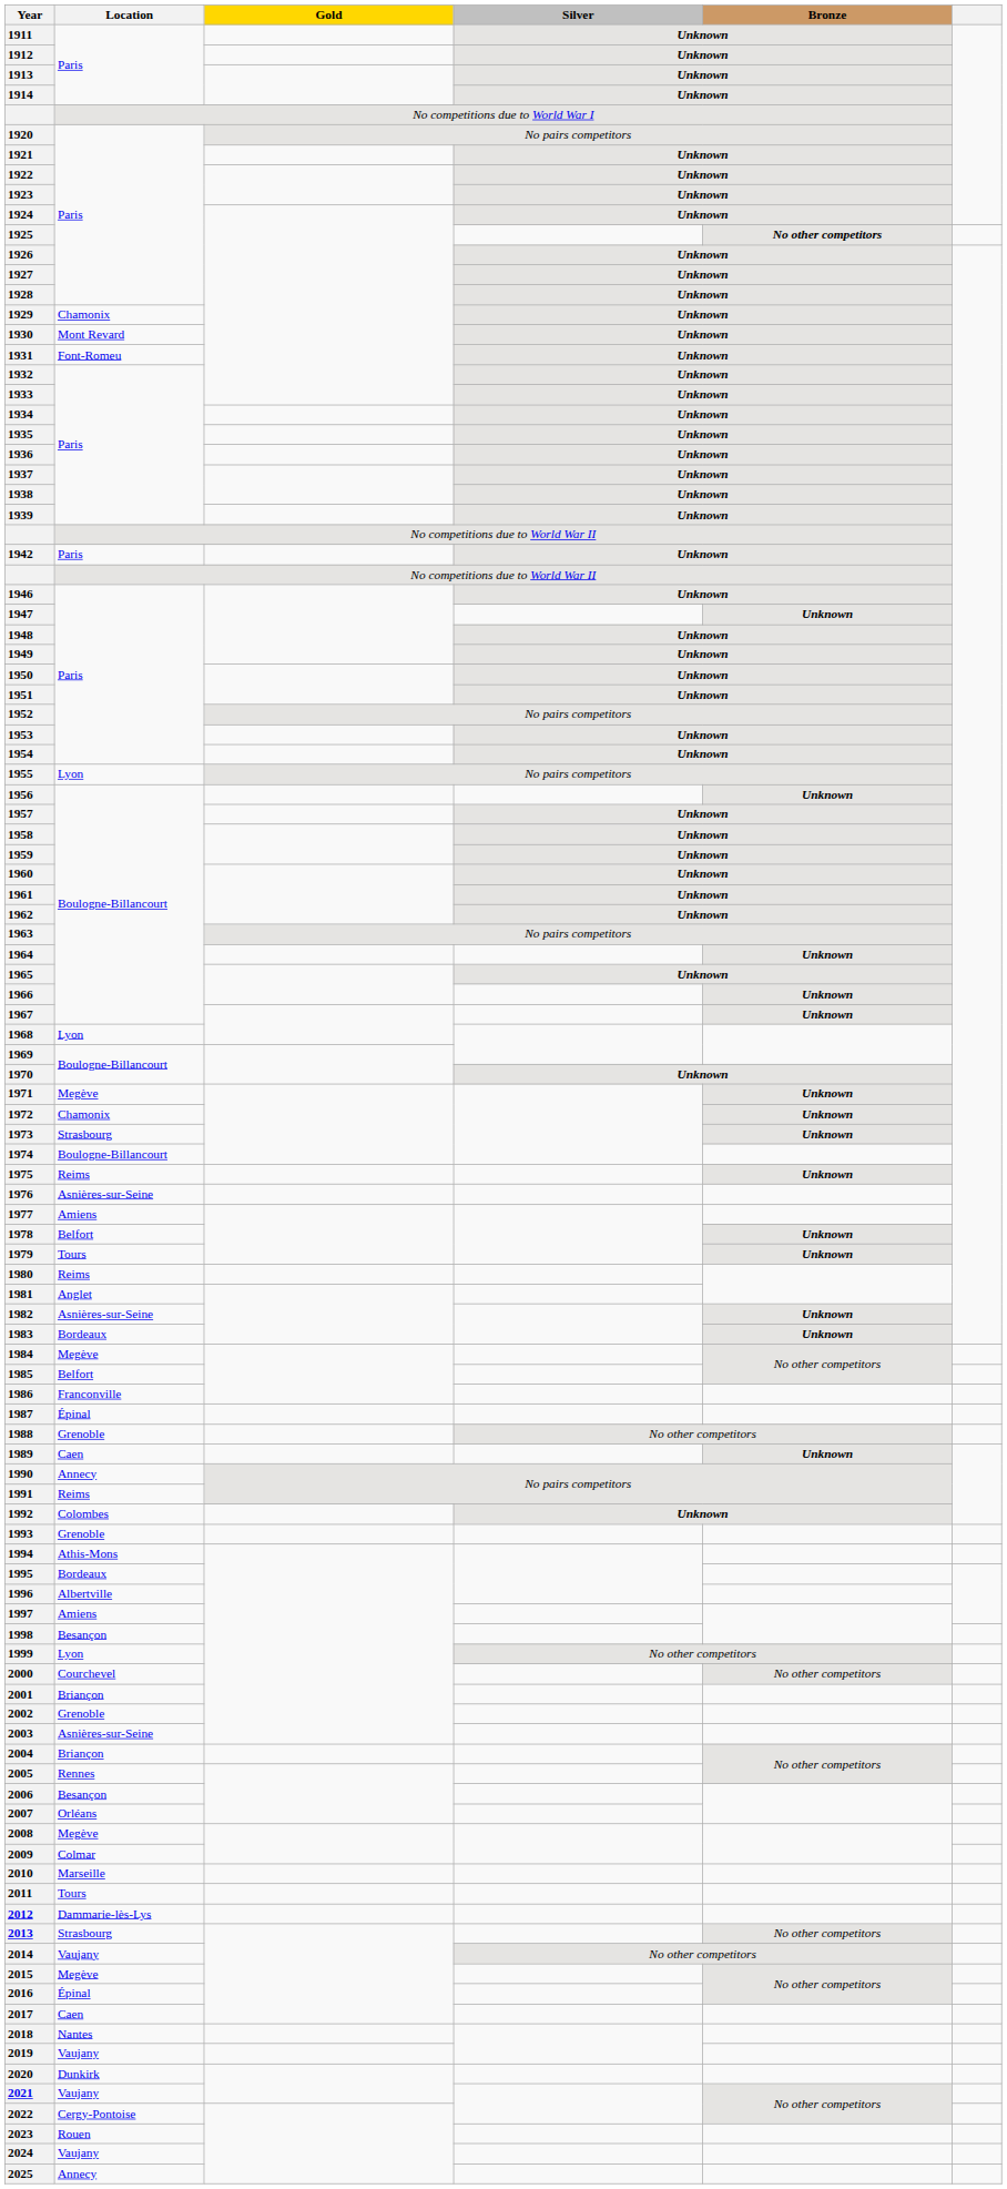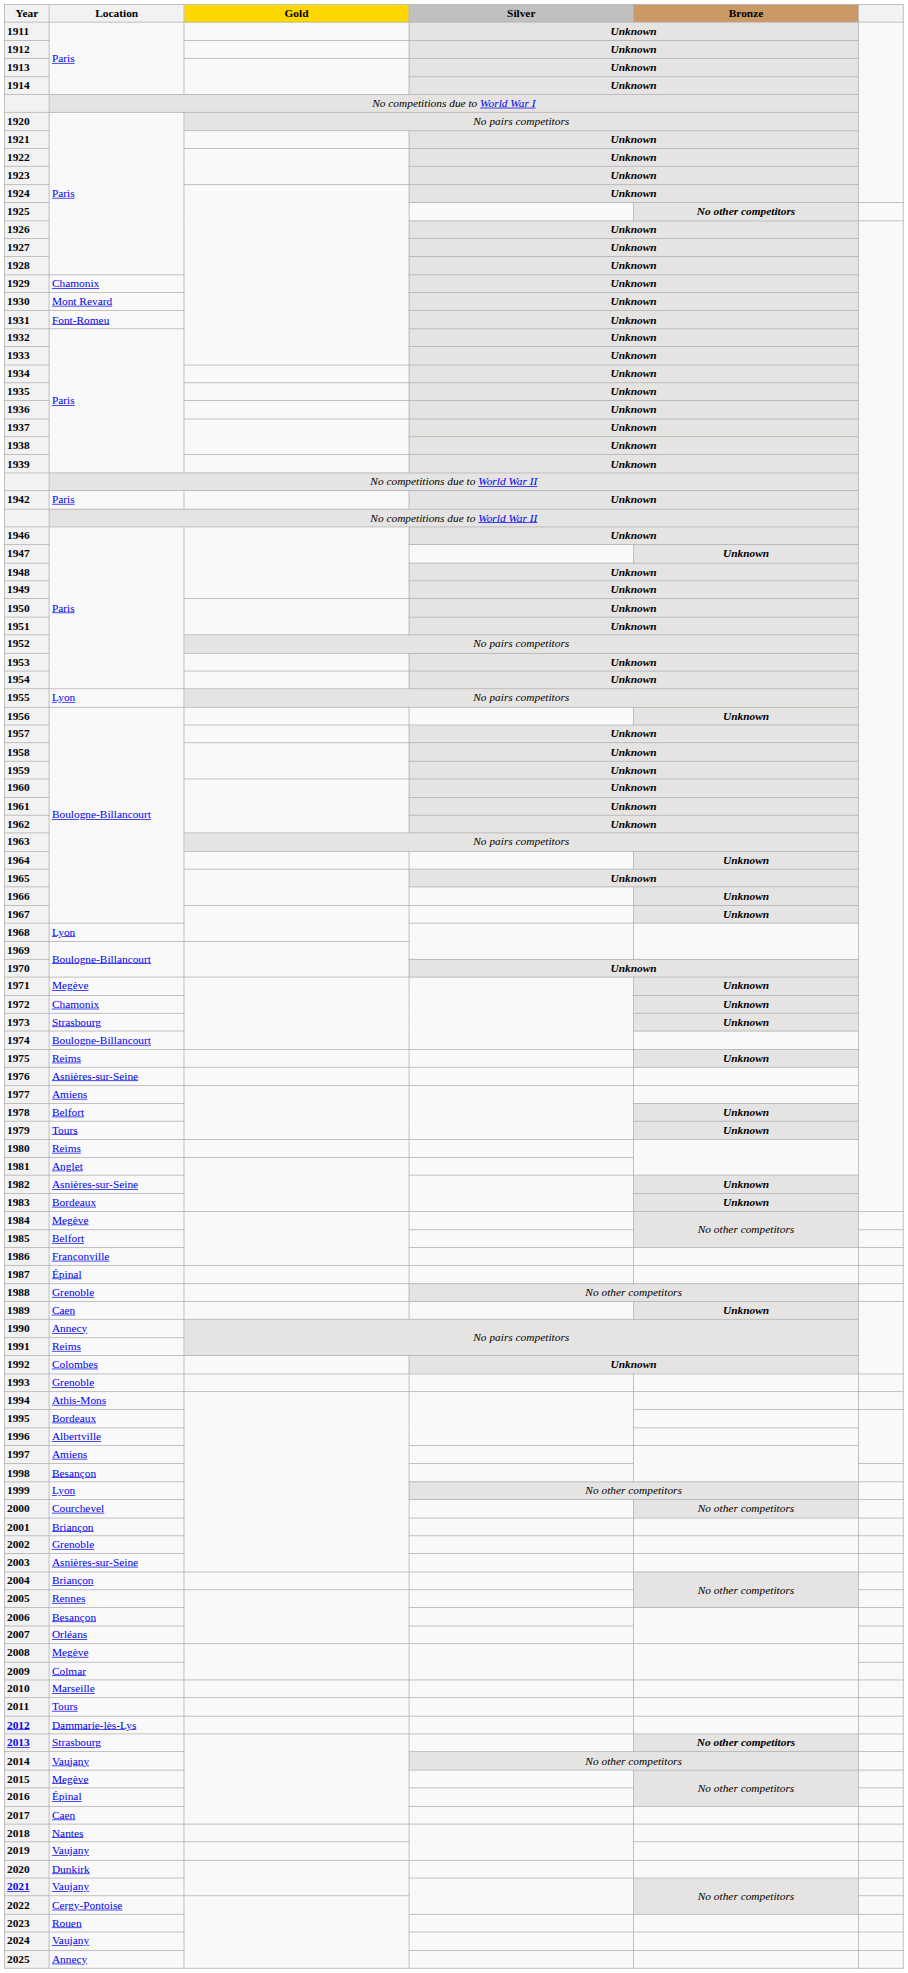 <table class="wikitable unsortable" style="text-align:left; width:80%">
 <tr>
 <th scope="col" style="text-align:center; width:5%">Year</th>
 <th scope="col" style="text-align:center; width:15%">Location</th>
 <td scope="col" style="text-align:center; width:25%; background:gold"><strong>Gold</strong></td>
 <td scope="col" style="text-align:center; width:25%; background:silver"><strong>Silver</strong></td>
 <td scope="col" style="text-align:center; width:25%; background:#c96"><strong>Bronze</strong></td>
 <th scope="col" style="text-align:center; width:5%"></th>
 </tr>
 <tr>
 <th scope="row" style="text-align:left">1911</th>
 <td rowspan="4"><a href='#'>Paris</a></td>
 <td></td>
 <td colspan="2" align="center" bgcolor="e5e4e2"><strong><em>Unknown</em></strong></td>
 <td rowspan="10"></td>
 </tr>
 <tr>
 <th scope="row" style="text-align:left">1912</th>
 <td></td>
 <td colspan="2" align="center" bgcolor="e5e4e2"><strong><em>Unknown</em></strong></td>
 </tr>
 <tr>
 <th scope="row" style="text-align:left">1913</th>
 <td rowspan="2"></td>
 <td colspan="2" align="center" bgcolor="e5e4e2"><strong><em>Unknown</em></strong></td>
 </tr>
 <tr>
 <th scope="row" style="text-align:left">1914</th>
 <td colspan="2" align="center" bgcolor="e5e4e2"><strong><em>Unknown</em></strong></td>
 </tr>
 <tr>
 <th scope="row" style="text-align:left"></th>
 <td colspan="4" align="center" bgcolor="e5e4e2"><em>No competitions due to <a href='#'>World War I</a></em></td>
 </tr>
 <tr>
 <th scope="row" style="text-align:left">1920</th>
 <td rowspan="9"><a href='#'>Paris</a></td>
 <td colspan="3" align="center" bgcolor="e5e4e2"><em>No pairs competitors</em></td>
 </tr>
 <tr>
 <th scope="row" style="text-align:left">1921</th>
 <td></td>
 <td colspan="2" align="center" bgcolor="e5e4e2"><strong><em>Unknown</em></strong></td>
 </tr>
 <tr>
 <th scope="row" style="text-align:left">1922</th>
 <td rowspan="2"></td>
 <td colspan="2" align="center" bgcolor="e5e4e2"><strong><em>Unknown</em></strong></td>
 </tr>
 <tr>
 <th scope="row" style="text-align:left">1923</th>
 <td colspan="2" align="center" bgcolor="e5e4e2"><strong><em>Unknown</em></strong></td>
 </tr>
 <tr>
 <th scope="row" style="text-align:left">1924</th>
 <td rowspan="10"></td>
 <td colspan="2" align="center" bgcolor="e5e4e2"><strong><em>Unknown</em></strong></td>
 </tr>
 <tr>
 <th scope="row" style="text-align:left">1925</th>
 <td></td>
 <td align="center" bgcolor="e5e4e2"><strong><em>No other competitors</em></strong></td>
 <td></td>
 </tr>
 <tr>
 <th scope="row" style="text-align:left">1926</th>
 <td colspan="2" align="center" bgcolor="e5e4e2"><strong><em>Unknown</em></strong></td>
 <td rowspan="55"></td>
 </tr>
 <tr>
 <th scope="row" style="text-align:left">1927</th>
 <td colspan="2" align="center" bgcolor="e5e4e2"><strong><em>Unknown</em></strong></td>
 </tr>
 <tr>
 <th scope="row" style="text-align:left">1928</th>
 <td colspan="2" align="center" bgcolor="e5e4e2"><strong><em>Unknown</em></strong></td>
 </tr>
 <tr>
 <th scope="row" style="text-align:left">1929</th>
 <td><a href='#'>Chamonix</a></td>
 <td colspan="2" align="center" bgcolor="e5e4e2"><strong><em>Unknown</em></strong></td>
 </tr>
 <tr>
 <th scope="row" style="text-align:left">1930</th>
 <td><a href='#'>Mont Revard</a></td>
 <td colspan="2" align="center" bgcolor="e5e4e2"><strong><em>Unknown</em></strong></td>
 </tr>
 <tr>
 <th scope="row" style="text-align:left">1931</th>
 <td><a href='#'>Font-Romeu</a></td>
 <td colspan="2" align="center" bgcolor="e5e4e2"><strong><em>Unknown</em></strong></td>
 </tr>
 <tr>
 <th scope="row" style="text-align:left">1932</th>
 <td rowspan="8"><a href='#'>Paris</a></td>
 <td colspan="2" align="center" bgcolor="e5e4e2"><strong><em>Unknown</em></strong></td>
 </tr>
 <tr>
 <th scope="row" style="text-align:left">1933</th>
 <td colspan="2" align="center" bgcolor="e5e4e2"><strong><em>Unknown</em></strong></td>
 </tr>
 <tr>
 <th scope="row" style="text-align:left">1934</th>
 <td></td>
 <td colspan="2" align="center" bgcolor="e5e4e2"><strong><em>Unknown</em></strong></td>
 </tr>
 <tr>
 <th scope="row" style="text-align:left">1935</th>
 <td></td>
 <td colspan="2" align="center" bgcolor="e5e4e2"><strong><em>Unknown</em></strong></td>
 </tr>
 <tr>
 <th scope="row" style="text-align:left">1936</th>
 <td></td>
 <td colspan="2" align="center" bgcolor="e5e4e2"><strong><em>Unknown</em></strong></td>
 </tr>
 <tr>
 <th scope="row" style="text-align:left">1937</th>
 <td rowspan="2"></td>
 <td colspan="2" align="center" bgcolor="e5e4e2"><strong><em>Unknown</em></strong></td>
 </tr>
 <tr>
 <th scope="row" style="text-align:left">1938</th>
 <td colspan="2" align="center" bgcolor="e5e4e2"><strong><em>Unknown</em></strong></td>
 </tr>
 <tr>
 <th scope="row" style="text-align:left">1939</th>
 <td></td>
 <td colspan="2" align="center" bgcolor="e5e4e2"><strong><em>Unknown</em></strong></td>
 </tr>
 <tr>
 <th scope="row" style="text-align:left"></th>
 <td colspan="4" align="center" bgcolor="e5e4e2"><em>No competitions due to <a href='#'>World War II</a></em></td>
 </tr>
 <tr>
 <th scope="row" style="text-align:left">1942</th>
 <td><a href='#'>Paris</a></td>
 <td></td>
 <td colspan="2" align="center" bgcolor="e5e4e2"><strong><em>Unknown</em></strong></td>
 </tr>
 <tr>
 <th scope="row" style="text-align:left"></th>
 <td colspan="4" align="center" bgcolor="e5e4e2"><em>No competitions due to <a href='#'>World War II</a></em></td>
 </tr>
 <tr>
 <th scope="row" style="text-align:left">1946</th>
 <td rowspan="9"><a href='#'>Paris</a></td>
 <td rowspan="4"></td>
 <td colspan="2" align="center" bgcolor="e5e4e2"><strong><em>Unknown</em></strong></td>
 </tr>
 <tr>
 <th scope="row" style="text-align:left">1947</th>
 <td></td>
 <td align="center" bgcolor="e5e4e2"><strong><em>Unknown</em></strong></td>
 </tr>
 <tr>
 <th scope="row" style="text-align:left">1948</th>
 <td colspan="2" align="center" bgcolor="e5e4e2"><strong><em>Unknown</em></strong></td>
 </tr>
 <tr>
 <th scope="row" style="text-align:left">1949</th>
 <td colspan="2" align="center" bgcolor="e5e4e2"><strong><em>Unknown</em></strong></td>
 </tr>
 <tr>
 <th scope="row" style="text-align:left">1950</th>
 <td rowspan="2"></td>
 <td colspan="2" align="center" bgcolor="e5e4e2"><strong><em>Unknown</em></strong></td>
 </tr>
 <tr>
 <th scope="row" style="text-align:left">1951</th>
 <td colspan="2" align="center" bgcolor="e5e4e2"><strong><em>Unknown</em></strong></td>
 </tr>
 <tr>
 <th scope="row" style="text-align:left">1952</th>
 <td colspan="3" align="center" bgcolor="e5e4e2"><em>No pairs competitors</em></td>
 </tr>
 <tr>
 <th scope="row" style="text-align:left">1953</th>
 <td></td>
 <td colspan="2" align="center" bgcolor="e5e4e2"><strong><em>Unknown</em></strong></td>
 </tr>
 <tr>
 <th scope="row" style="text-align:left">1954</th>
 <td></td>
 <td colspan="2" align="center" bgcolor="e5e4e2"><strong><em>Unknown</em></strong></td>
 </tr>
 <tr>
 <th scope="row" style="text-align:left">1955</th>
 <td><a href='#'>Lyon</a></td>
 <td colspan="3" align="center" bgcolor="e5e4e2"><em>No pairs competitors</em></td>
 </tr>
 <tr>
 <th scope="row" style="text-align:left">1956</th>
 <td rowspan="12"><a href='#'>Boulogne-Billancourt</a></td>
 <td></td>
 <td></td>
 <td align="center" bgcolor="e5e4e2"><strong><em>Unknown</em></strong></td>
 </tr>
 <tr>
 <th scope="row" style="text-align:left">1957</th>
 <td></td>
 <td colspan="2" align="center" bgcolor="e5e4e2"><strong><em>Unknown</em></strong></td>
 </tr>
 <tr>
 <th scope="row" style="text-align:left">1958</th>
 <td rowspan="2"></td>
 <td colspan="2" align="center" bgcolor="e5e4e2"><strong><em>Unknown</em></strong></td>
 </tr>
 <tr>
 <th scope="row" style="text-align:left">1959</th>
 <td colspan="2" align="center" bgcolor="e5e4e2"><strong><em>Unknown</em></strong></td>
 </tr>
 <tr>
 <th scope="row" style="text-align:left">1960</th>
 <td rowspan="3"></td>
 <td colspan="2" align="center" bgcolor="e5e4e2"><strong><em>Unknown</em></strong></td>
 </tr>
 <tr>
 <th scope="row" style="text-align:left">1961</th>
 <td colspan="2" align="center" bgcolor="e5e4e2"><strong><em>Unknown</em></strong></td>
 </tr>
 <tr>
 <th scope="row" style="text-align:left">1962</th>
 <td colspan="2" align="center" bgcolor="e5e4e2"><strong><em>Unknown</em></strong></td>
 </tr>
 <tr>
 <th scope="row" style="text-align:left">1963</th>
 <td colspan="3" align="center" bgcolor="e5e4e2"><em>No pairs competitors</em></td>
 </tr>
 <tr>
 <th scope="row" style="text-align:left">1964</th>
 <td></td>
 <td></td>
 <td align="center" bgcolor="e5e4e2"><strong><em>Unknown</em></strong></td>
 </tr>
 <tr>
 <th scope="row" style="text-align:left">1965</th>
 <td rowspan="2"></td>
 <td colspan="2" align="center" bgcolor="e5e4e2"><strong><em>Unknown</em></strong></td>
 </tr>
 <tr>
 <th scope="row" style="text-align:left">1966</th>
 <td></td>
 <td align="center" bgcolor="e5e4e2"><strong><em>Unknown</em></strong></td>
 </tr>
 <tr>
 <th scope="row" style="text-align:left">1967</th>
 <td rowspan="2"></td>
 <td></td>
 <td align="center" bgcolor="e5e4e2"><strong><em>Unknown</em></strong></td>
 </tr>
 <tr>
 <th scope="row" style="text-align:left">1968</th>
 <td><a href='#'>Lyon</a></td>
 <td rowspan="2"></td>
 <td rowspan="2"></td>
 </tr>
 <tr>
 <th scope="row" style="text-align:left">1969</th>
 <td rowspan="2"><a href='#'>Boulogne-Billancourt</a></td>
 <td rowspan="2"></td>
 </tr>
 <tr>
 <th scope="row" style="text-align:left">1970</th>
 <td colspan="2" align="center" bgcolor="e5e4e2"><strong><em>Unknown</em></strong></td>
 </tr>
 <tr>
 <th scope="row" style="text-align:left">1971</th>
 <td><a href='#'>Megève</a></td>
 <td rowspan="4"></td>
 <td rowspan="4"></td>
 <td align="center" bgcolor="e5e4e2"><strong><em>Unknown</em></strong></td>
 </tr>
 <tr>
 <th scope="row" style="text-align:left">1972</th>
 <td><a href='#'>Chamonix</a></td>
 <td align="center" bgcolor="e5e4e2"><strong><em>Unknown</em></strong></td>
 </tr>
 <tr>
 <th scope="row" style="text-align:left">1973</th>
 <td><a href='#'>Strasbourg</a></td>
 <td align="center" bgcolor="e5e4e2"><strong><em>Unknown</em></strong></td>
 </tr>
 <tr>
 <th scope="row" style="text-align:left">1974</th>
 <td><a href='#'>Boulogne-Billancourt</a></td>
 <td></td>
 </tr>
 <tr>
 <th scope="row" style="text-align:left">1975</th>
 <td><a href='#'>Reims</a></td>
 <td></td>
 <td></td>
 <td align="center" bgcolor="e5e4e2"><strong><em>Unknown</em></strong></td>
 </tr>
 <tr>
 <th scope="row" style="text-align:left">1976</th>
 <td><a href='#'>Asnières-sur-Seine</a></td>
 <td></td>
 <td></td>
 <td></td>
 </tr>
 <tr>
 <th scope="row" style="text-align:left">1977</th>
 <td><a href='#'>Amiens</a></td>
 <td rowspan="3"></td>
 <td rowspan="3"></td>
 <td></td>
 </tr>
 <tr>
 <th scope="row" style="text-align:left">1978</th>
 <td><a href='#'>Belfort</a></td>
 <td align="center" bgcolor="e5e4e2"><strong><em>Unknown</em></strong></td>
 </tr>
 <tr>
 <th scope="row" style="text-align:left">1979</th>
 <td><a href='#'>Tours</a></td>
 <td align="center" bgcolor="e5e4e2"><strong><em>Unknown</em></strong></td>
 </tr>
 <tr>
 <th scope="row" style="text-align:left">1980</th>
 <td><a href='#'>Reims</a></td>
 <td></td>
 <td></td>
 <td rowspan="2"></td>
 </tr>
 <tr>
 <th scope="row" style="text-align:left">1981</th>
 <td><a href='#'>Anglet</a></td>
 <td rowspan="3"></td>
 <td></td>
 </tr>
 <tr>
 <th scope="row" style="text-align:left">1982</th>
 <td><a href='#'>Asnières-sur-Seine</a></td>
 <td rowspan="2"></td>
 <td align="center" bgcolor="e5e4e2"><strong><em>Unknown</em></strong></td>
 </tr>
 <tr>
 <th scope="row" style="text-align:left">1983</th>
 <td><a href='#'>Bordeaux</a></td>
 <td align="center" bgcolor="e5e4e2"><strong><em>Unknown</em></strong></td>
 </tr>
 <tr>
 <th scope="row" style="text-align:left">1984</th>
 <td><a href='#'>Megève</a></td>
 <td rowspan="3"></td>
 <td></td>
 <td rowspan="2" align="center" bgcolor="e5e4e2"><em>No other competitors</em></td>
 <td></td>
 </tr>
 <tr>
 <th scope="row" style="text-align:left">1985</th>
 <td><a href='#'>Belfort</a></td>
 <td></td>
 <td></td>
 </tr>
 <tr>
 <th scope="row" style="text-align:left">1986</th>
 <td><a href='#'>Franconville</a></td>
 <td></td>
 <td></td>
 <td></td>
 </tr>
 <tr>
 <th scope="row" style="text-align:left">1987</th>
 <td><a href='#'>Épinal</a></td>
 <td></td>
 <td></td>
 <td></td>
 <td></td>
 </tr>
 <tr>
 <th scope="row" style="text-align:left">1988</th>
 <td><a href='#'>Grenoble</a></td>
 <td></td>
 <td colspan="2" align="center" bgcolor="e5e4e2"><em>No other competitors</em></td>
 <td></td>
 </tr>
 <tr>
 <th scope="row" style="text-align:left">1989</th>
 <td><a href='#'>Caen</a></td>
 <td></td>
 <td></td>
 <td align="center" bgcolor="e5e4e2"><strong><em>Unknown</em></strong></td>
 <td rowspan="4"></td>
 </tr>
 <tr>
 <th scope="row" style="text-align:left">1990</th>
 <td><a href='#'>Annecy</a></td>
 <td colspan="3" rowspan="2" align="center" bgcolor="e5e4e2"><em>No pairs competitors</em></td>
 </tr>
 <tr>
 <th scope="row" style="text-align:left">1991</th>
 <td><a href='#'>Reims</a></td>
 </tr>
 <tr>
 <th scope="row" style="text-align:left">1992</th>
 <td><a href='#'>Colombes</a></td>
 <td></td>
 <td colspan=2 align="center" bgcolor="e5e4e2"><strong><em>Unknown</em></strong></td>
 </tr>
 <tr>
 <th scope="row" style="text-align:left">1993</th>
 <td><a href='#'>Grenoble</a></td>
 <td></td>
 <td></td>
 <td></td>
 <td></td>
 </tr>
 <tr>
 <th scope="row" style="text-align:left">1994</th>
 <td><a href='#'>Athis-Mons</a></td>
 <td rowspan="10"></td>
 <td rowspan="3"></td>
 <td></td>
 <td></td>
 </tr>
 <tr>
 <th scope="row" style="text-align:left">1995</th>
 <td><a href='#'>Bordeaux</a></td>
 <td></td>
 <td rowspan="3"></td>
 </tr>
 <tr>
 <th scope="row" style="text-align:left">1996</th>
 <td><a href='#'>Albertville</a></td>
 <td></td>
 </tr>
 <tr>
 <th scope="row" style="text-align:left">1997</th>
 <td><a href='#'>Amiens</a></td>
 <td></td>
 <td rowspan="2"></td>
 </tr>
 <tr>
 <th scope="row" style="text-align:left">1998</th>
 <td><a href='#'>Besançon</a></td>
 <td></td>
 <td></td>
 </tr>
 <tr>
 <th scope="row" style="text-align:left">1999</th>
 <td><a href='#'>Lyon</a></td>
 <td colspan="2" align="center" bgcolor="e5e4e2"><em>No other competitors</em></td>
 <td></td>
 </tr>
 <tr>
 <th scope="row" style="text-align:left">2000</th>
 <td><a href='#'>Courchevel</a></td>
 <td></td>
 <td align="center" bgcolor="e5e4e2"><em>No other competitors</em></td>
 <td></td>
 </tr>
 <tr>
 <th scope="row" style="text-align:left">2001</th>
 <td><a href='#'>Briançon</a></td>
 <td></td>
 <td></td>
 <td></td>
 </tr>
 <tr>
 <th scope="row" style="text-align:left">2002</th>
 <td><a href='#'>Grenoble</a></td>
 <td></td>
 <td></td>
 <td></td>
 </tr>
 <tr>
 <th scope="row" style="text-align:left">2003</th>
 <td><a href='#'>Asnières-sur-Seine</a></td>
 <td></td>
 <td></td>
 <td></td>
 </tr>
 <tr>
 <th scope="row" style="text-align:left">2004</th>
 <td><a href='#'>Briançon</a></td>
 <td></td>
 <td></td>
 <td rowspan="2" align="center" bgcolor="e5e4e2"><em>No other competitors</em></td>
 <td></td>
 </tr>
 <tr>
 <th scope="row" style="text-align:left">2005</th>
 <td><a href='#'>Rennes</a></td>
 <td rowspan="3"></td>
 <td></td>
 <td></td>
 </tr>
 <tr>
 <th scope="row" style="text-align:left">2006</th>
 <td><a href='#'>Besançon</a></td>
 <td></td>
 <td rowspan="2"></td>
 <td></td>
 </tr>
 <tr>
 <th scope="row" style="text-align:left">2007</th>
 <td><a href='#'>Orléans</a></td>
 <td></td>
 <td></td>
 </tr>
 <tr>
 <th scope="row" style="text-align:left">2008</th>
 <td><a href='#'>Megève</a></td>
 <td rowspan="2"></td>
 <td rowspan="2"></td>
 <td rowspan="2"></td>
 <td></td>
 </tr>
 <tr>
 <th scope="row" style="text-align:left">2009</th>
 <td><a href='#'>Colmar</a></td>
 <td></td>
 </tr>
 <tr>
 <th scope="row" style="text-align:left">2010</th>
 <td><a href='#'>Marseille</a></td>
 <td></td>
 <td></td>
 <td></td>
 <td></td>
 </tr>
 <tr>
 <th scope="row" style="text-align:left">2011</th>
 <td><a href='#'>Tours</a></td>
 <td></td>
 <td></td>
 <td></td>
 <td></td>
 </tr>
 <tr>
 <th scope="row" style="text-align:left"><a href='#'>2012</a></th>
 <td><a href='#'>Dammarie-lès-Lys</a></td>
 <td></td>
 <td></td>
 <td></td>
 <td></td>
 </tr>
 <tr>
 <th scope="row" style="text-align:left"><a href='#'>2013</a></th>
 <td><a href='#'>Strasbourg</a></td>
 <td rowspan="5"></td>
 <td></td>
-<td align="center" bgcolor="e5e4e2"><em>No other competitors</em></td>
+<td align="center" bgcolor="e5e4e2"><strong><em>No other competitors</em></strong></td>
 <td></td>
 </tr>
 <tr>
 <th scope="row" style="text-align:left">2014</th>
 <td><a href='#'>Vaujany</a></td>
 <td colspan=2 align="center" bgcolor="e5e4e2"><em>No other competitors</em></td>
 <td></td>
 </tr>
 <tr>
 <th scope="row" style="text-align:left">2015</th>
 <td><a href='#'>Megève</a></td>
 <td></td>
 <td rowspan="2" align="center" bgcolor="e5e4e2"><em>No other competitors</em></td>
 <td></td>
 </tr>
 <tr>
 <th scope="row" style="text-align:left">2016</th>
 <td><a href='#'>Épinal</a></td>
 <td></td>
 <td></td>
 </tr>
 <tr>
 <th scope="row" style="text-align:left">2017</th>
 <td><a href='#'>Caen</a></td>
 <td></td>
 <td></td>
 <td></td>
 </tr>
 <tr>
 <th scope="row" style="text-align:left">2018</th>
 <td><a href='#'>Nantes</a></td>
 <td></td>
 <td rowspan="2"></td>
 <td></td>
 <td></td>
 </tr>
 <tr>
 <th scope="row" style="text-align:left">2019</th>
 <td><a href='#'>Vaujany</a></td>
 <td></td>
 <td></td>
 <td></td>
 </tr>
 <tr>
 <th scope="row" style="text-align:left">2020</th>
 <td><a href='#'>Dunkirk</a></td>
 <td rowspan="2"></td>
 <td></td>
 <td></td>
 <td></td>
 </tr>
 <tr>
 <th scope="row" style="text-align:left"><a href='#'>2021</a></th>
 <td><a href='#'>Vaujany</a></td>
 <td rowspan="2"></td>
 <td rowspan="2" align="center" bgcolor="e5e4e2"><em>No other competitors</em></td>
 <td></td>
 </tr>
 <tr>
 <th scope="row" style="text-align:left">2022</th>
 <td><a href='#'>Cergy-Pontoise</a></td>
 <td rowspan="4"></td>
 <td></td>
 </tr>
 <tr>
 <th scope="row" style="text-align:left">2023</th>
 <td><a href='#'>Rouen</a></td>
 <td></td>
 <td></td>
 <td></td>
 </tr>
 <tr>
 <th scope="row" style="text-align:left">2024</th>
 <td><a href='#'>Vaujany</a></td>
 <td></td>
 <td></td>
 <td></td>
 </tr>
 <tr>
 <th scope="row" style="text-align:left">2025</th>
 <td><a href='#'>Annecy</a></td>
 <td></td>
 <td></td>
 <td></td>
 </tr>
 </table>
